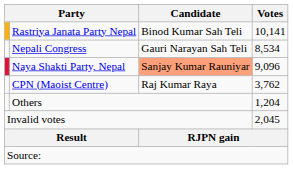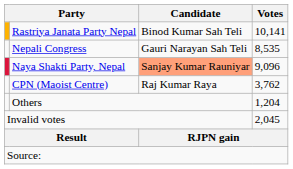 <table class="wikitable">
 <tr>
 <th colspan="2">Party</th>
 <th>Candidate</th>
 <th>Votes</th>
 </tr>
 <tr>
 <td style="background-color:#ffb300"></td>
 <td><a href='#'>Rastriya Janata Party Nepal</a></td>
 <td>Binod Kumar Sah Teli</td>
 <td>10,141</td>
 </tr>
 <tr>
 <td style="background-color:"></td>
 <td><a href='#'>Nepali Congress</a></td>
 <td>Gauri Narayan Sah Teli</td>
-<td>8,534</td>
+<td>8,535</td>
 </tr>
 <tr>
 <td style="background-color:crimson"></td>
 <td><a href='#'>Naya Shakti Party, Nepal</a></td>
 <td style="background: lightsalmon;">Sanjay Kumar Rauniyar</td>
 <td>9,096</td>
 </tr>
 <tr>
 <td style="background-color:"></td>
 <td><a href='#'>CPN (Maoist Centre)</a></td>
 <td>Raj Kumar Raya</td>
 <td>3,762</td>
 </tr>
 <tr>
 <td></td>
 <td colspan="2">Others</td>
 <td>1,204</td>
 </tr>
 <tr>
 <td colspan="3">Invalid votes</td>
 <td>2,045</td>
 </tr>
 <tr>
 <th colspan="2">Result</th>
 <th colspan="2">RJPN gain</th>
 </tr>
 <tr>
 <td colspan="4">Source: </td>
 </tr>
 </table>
